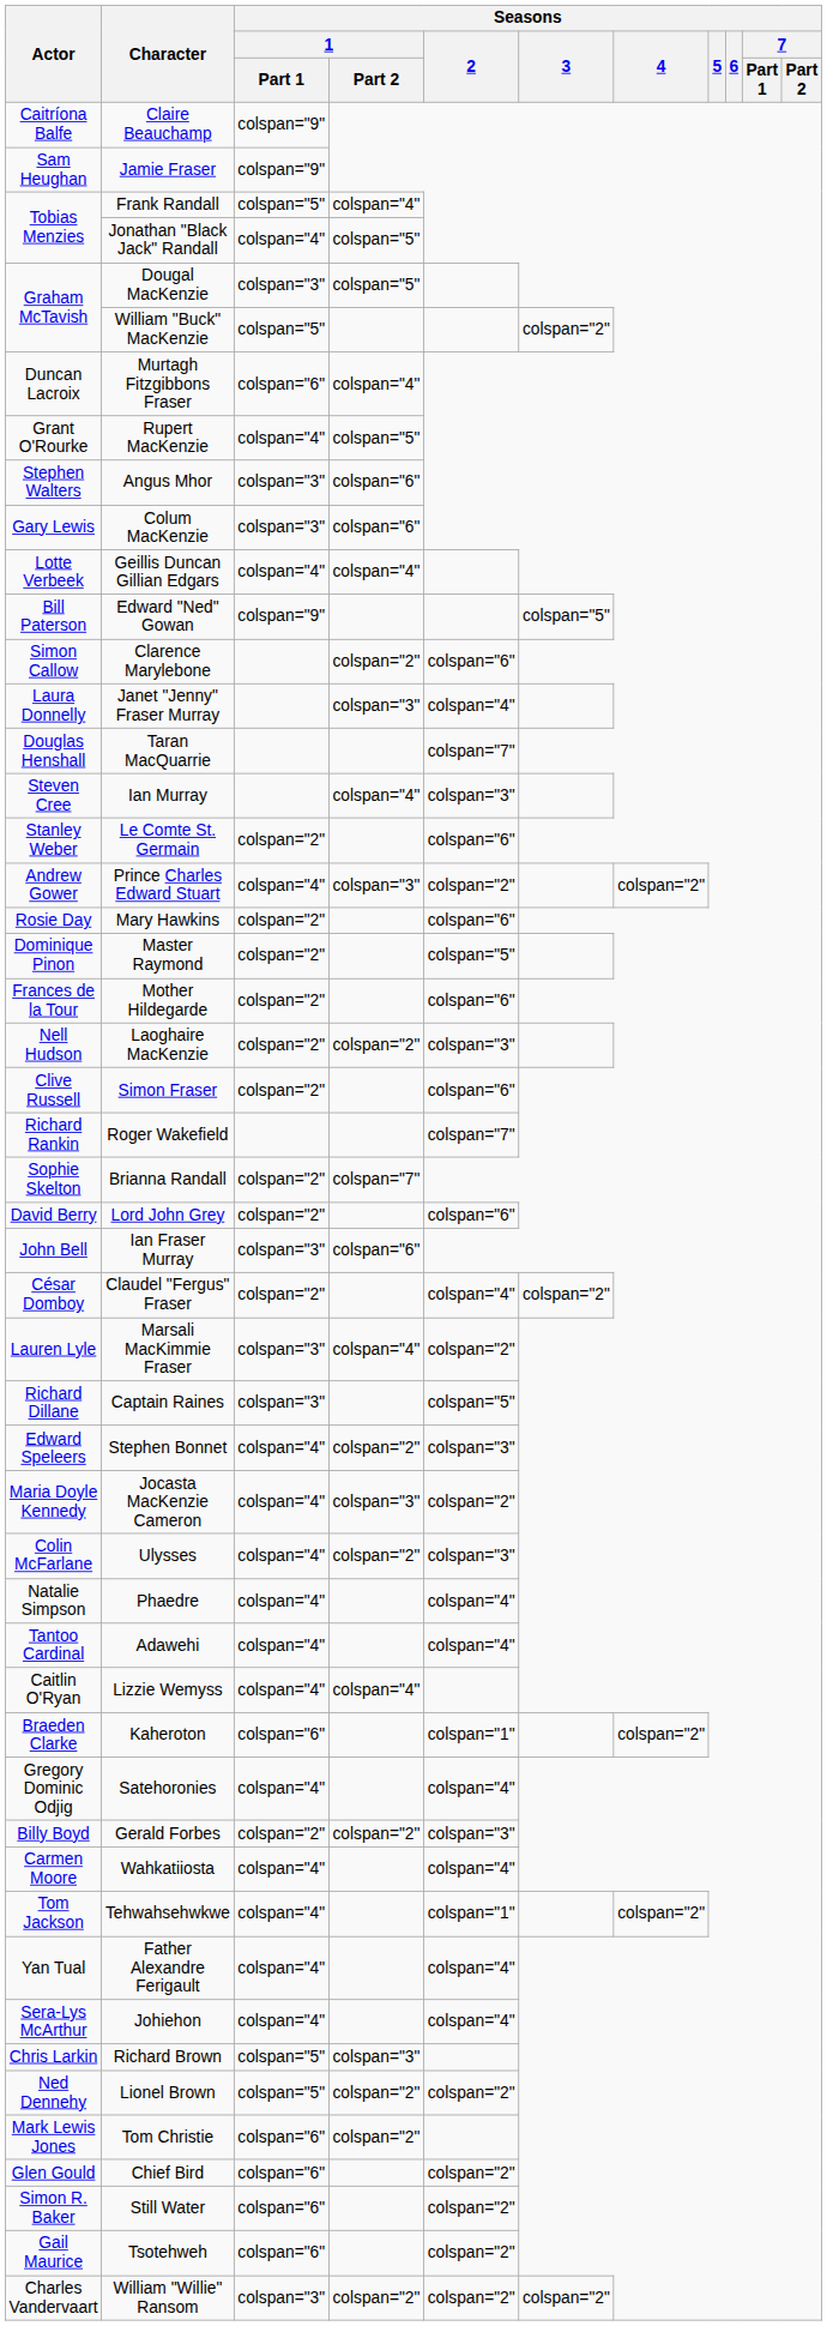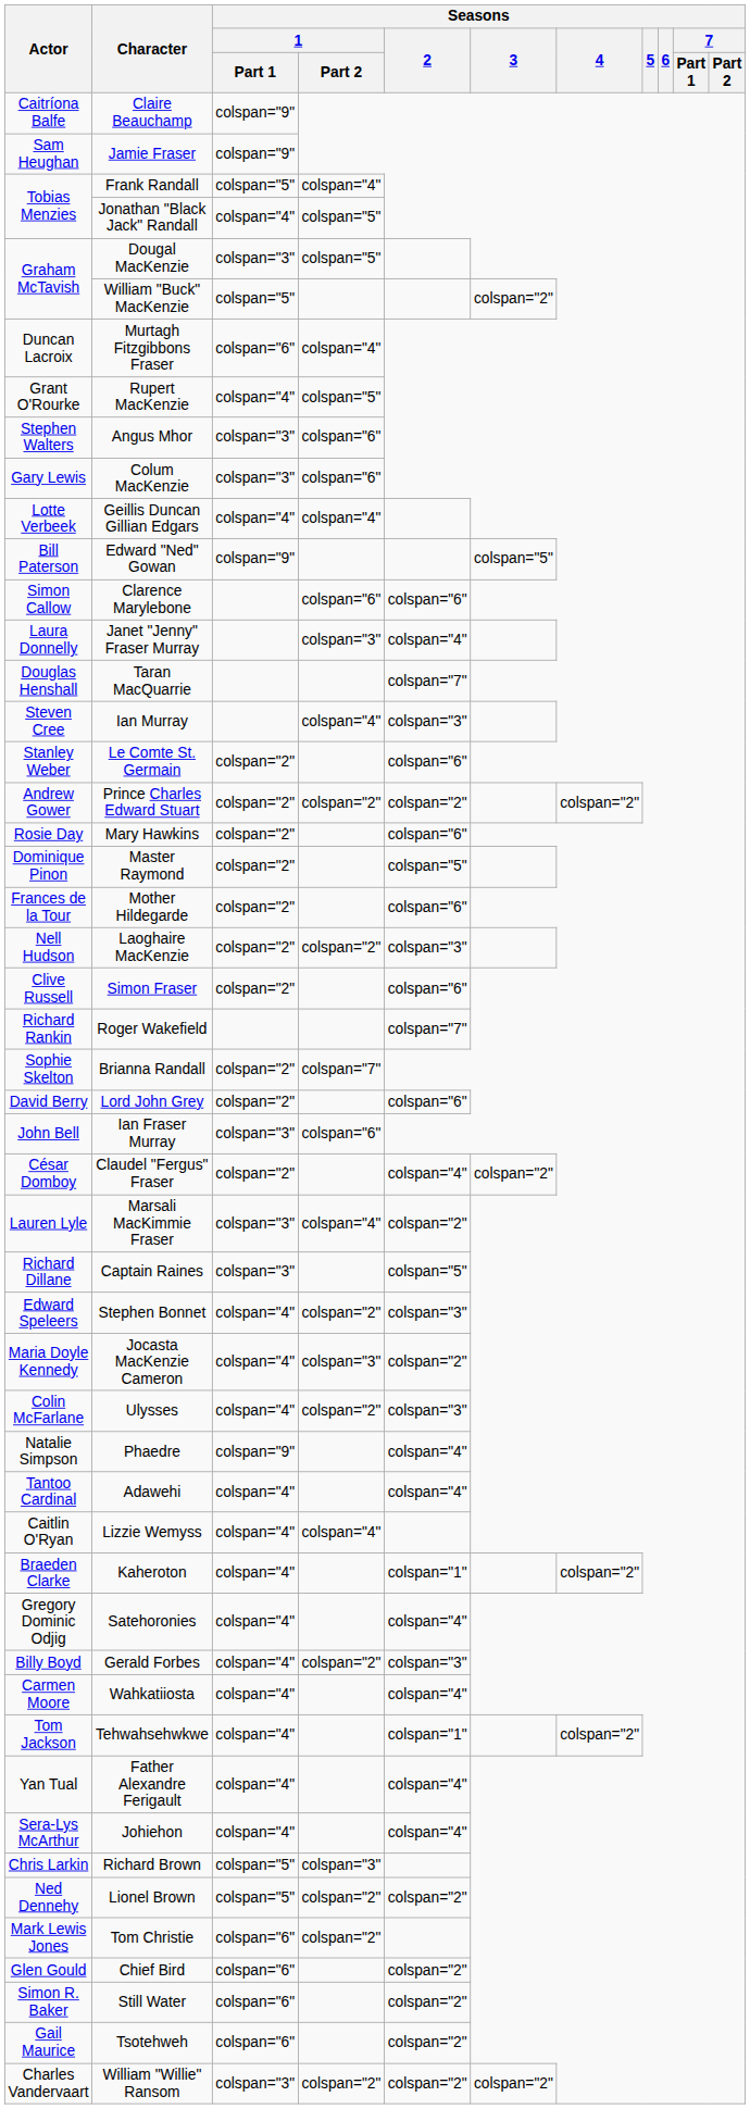 <table class="wikitable" style="text-align:center; width:85%;">
 <tr>
 <th rowspan="3" style="width:17%;">Actor</th>
 <th rowspan="3" style="width:20%;">Character</th>
 <th colspan="9">Seasons</th>
 </tr>
 <tr>
 <th colspan="2" style="width:14%;"><a href='#'>1</a></th>
 <th rowspan="2" style="width:7%;"><a href='#'>2</a></th>
 <th rowspan="2" style="width:7%;"><a href='#'>3</a></th>
 <th rowspan="2" style="width:7%;"><a href='#'>4</a></th>
 <th rowspan="2" style="width:7%;"><a href='#'>5</a></th>
 <th rowspan="2" style="width:7%;"><a href='#'>6</a></th>
 <th colspan="2" style="width:14%;"><a href='#'>7</a></th>
 </tr>
 <tr>
 <th style="width:7%">Part 1</th>
 <th style="width:7%">Part 2</th>
 <th style="width:7%">Part 1</th>
 <th style="width:7%">Part 2</th>
 </tr>
 <tr>
 <td><a href='#'>Caitríona Balfe</a></td>
 <td><a href='#'>Claire Beauchamp</a></td>
 <td>colspan="9" </td>
 </tr>
 <tr>
 <td><a href='#'>Sam Heughan</a></td>
 <td><a href='#'>Jamie Fraser</a></td>
 <td>colspan="9" </td>
 </tr>
 <tr>
 <td rowspan="2"><a href='#'>Tobias Menzies</a></td>
 <td>Frank Randall</td>
 <td>colspan="5" </td>
 <td>colspan="4" </td>
 </tr>
 <tr>
 <td>Jonathan "Black Jack" Randall</td>
 <td>colspan="4" </td>
 <td>colspan="5" </td>
 </tr>
 <tr>
 <td rowspan="2"><a href='#'>Graham McTavish</a></td>
 <td>Dougal MacKenzie</td>
 <td>colspan="3" </td>
 <td>colspan="5" </td>
 <td></td>
 </tr>
 <tr>
 <td>William "Buck" MacKenzie</td>
 <td>colspan="5" </td>
 <td></td>
 <td></td>
 <td>colspan="2" </td>
 </tr>
 <tr>
 <td>Duncan Lacroix</td>
 <td>Murtagh Fitzgibbons Fraser</td>
 <td>colspan="6" </td>
 <td>colspan="4" </td>
 </tr>
 <tr>
 <td>Grant O'Rourke</td>
 <td>Rupert MacKenzie</td>
 <td>colspan="4" </td>
 <td>colspan="5" </td>
 </tr>
 <tr>
 <td><a href='#'>Stephen Walters</a></td>
 <td>Angus Mhor</td>
 <td>colspan="3" </td>
 <td>colspan="6" </td>
 </tr>
 <tr>
 <td><a href='#'>Gary Lewis</a></td>
 <td>Colum MacKenzie</td>
 <td>colspan="3" </td>
 <td>colspan="6" </td>
 </tr>
 <tr>
 <td><a href='#'>Lotte Verbeek</a></td>
 <td>Geillis Duncan  Gillian Edgars</td>
 <td>colspan="4" </td>
 <td>colspan="4" </td>
 <td></td>
 </tr>
 <tr>
 <td><a href='#'>Bill Paterson</a></td>
 <td>Edward "Ned" Gowan</td>
 <td>colspan="9" </td>
 <td></td>
 <td></td>
 <td>colspan="5" </td>
 </tr>
 <tr>
 <td><a href='#'>Simon Callow</a></td>
 <td>Clarence Marylebone</td>
 <td></td>
-<td>colspan="2" </td>
+<td>colspan="6" </td>
 <td>colspan="6" </td>
 </tr>
 <tr>
 <td><a href='#'>Laura Donnelly</a></td>
 <td>Janet "Jenny" Fraser Murray</td>
 <td></td>
 <td>colspan="3" </td>
 <td>colspan="4" </td>
 <td></td>
 </tr>
 <tr>
 <td><a href='#'>Douglas Henshall</a></td>
 <td>Taran MacQuarrie</td>
 <td></td>
 <td></td>
 <td>colspan="7" </td>
 </tr>
 <tr>
 <td><a href='#'>Steven Cree</a></td>
 <td>Ian Murray</td>
 <td></td>
 <td>colspan="4" </td>
 <td>colspan="3" </td>
 <td></td>
 </tr>
 <tr>
 <td><a href='#'>Stanley Weber</a></td>
 <td><a href='#'>Le Comte St. Germain</a></td>
 <td>colspan="2" </td>
 <td></td>
 <td>colspan="6" </td>
 </tr>
 <tr>
 <td><a href='#'>Andrew Gower</a></td>
 <td>Prince <a href='#'>Charles Edward Stuart</a></td>
-<td>colspan="4" </td>
-<td>colspan="3" </td>
+<td>colspan="2" </td>
+<td>colspan="2" </td>
 <td>colspan="2" </td>
 <td></td>
 <td>colspan="2" </td>
 </tr>
 <tr>
 <td><a href='#'>Rosie Day</a></td>
 <td>Mary Hawkins</td>
 <td>colspan="2" </td>
 <td></td>
 <td>colspan="6" </td>
 </tr>
 <tr>
 <td><a href='#'>Dominique Pinon</a></td>
 <td>Master Raymond</td>
 <td>colspan="2" </td>
 <td></td>
 <td>colspan="5" </td>
 <td></td>
 </tr>
 <tr>
 <td><a href='#'>Frances de la Tour</a></td>
 <td>Mother Hildegarde</td>
 <td>colspan="2" </td>
 <td></td>
 <td>colspan="6" </td>
 </tr>
 <tr>
 <td><a href='#'>Nell Hudson</a></td>
 <td>Laoghaire MacKenzie</td>
 <td>colspan="2" </td>
 <td>colspan="2"</td>
 <td>colspan="3" </td>
 <td></td>
 </tr>
 <tr>
 <td><a href='#'>Clive Russell</a></td>
 <td><a href='#'>Simon Fraser</a></td>
 <td>colspan="2" </td>
 <td></td>
 <td>colspan="6" </td>
 </tr>
 <tr>
 <td><a href='#'>Richard Rankin</a></td>
 <td>Roger Wakefield</td>
 <td></td>
 <td></td>
 <td>colspan="7" </td>
 </tr>
 <tr>
 <td><a href='#'>Sophie Skelton</a></td>
 <td>Brianna Randall</td>
 <td>colspan="2" </td>
 <td>colspan="7" </td>
 </tr>
 <tr>
 <td><a href='#'>David Berry</a></td>
 <td><a href='#'>Lord John Grey</a></td>
 <td>colspan="2" </td>
 <td></td>
 <td>colspan="6" </td>
 </tr>
 <tr>
 <td><a href='#'>John Bell</a></td>
 <td>Ian Fraser Murray</td>
 <td>colspan="3" </td>
 <td>colspan="6" </td>
 </tr>
 <tr>
 <td><a href='#'>César Domboy</a></td>
 <td>Claudel "Fergus" Fraser</td>
 <td>colspan="2" </td>
 <td></td>
 <td>colspan="4" </td>
 <td>colspan="2" </td>
 </tr>
 <tr>
 <td><a href='#'>Lauren Lyle</a></td>
 <td>Marsali MacKimmie Fraser</td>
 <td>colspan="3" </td>
 <td>colspan="4" </td>
 <td>colspan="2" </td>
 </tr>
 <tr>
 <td><a href='#'>Richard Dillane</a></td>
 <td>Captain Raines</td>
 <td>colspan="3" </td>
 <td></td>
 <td>colspan="5" </td>
 </tr>
 <tr>
 <td><a href='#'>Edward Speleers</a></td>
 <td>Stephen Bonnet</td>
 <td>colspan="4" </td>
 <td>colspan="2" </td>
 <td>colspan="3" </td>
 </tr>
 <tr>
 <td><a href='#'>Maria Doyle Kennedy</a></td>
 <td>Jocasta MacKenzie Cameron</td>
 <td>colspan="4" </td>
 <td>colspan="3" </td>
 <td>colspan="2" </td>
 </tr>
 <tr>
 <td><a href='#'>Colin McFarlane</a></td>
 <td>Ulysses</td>
 <td>colspan="4" </td>
 <td>colspan="2" </td>
 <td>colspan="3" </td>
 </tr>
 <tr>
 <td>Natalie Simpson</td>
 <td>Phaedre</td>
-<td>colspan="4" </td>
+<td>colspan="9" </td>
 <td></td>
 <td>colspan="4" </td>
 </tr>
 <tr>
 <td><a href='#'>Tantoo Cardinal</a></td>
 <td>Adawehi</td>
 <td>colspan="4" </td>
 <td></td>
 <td>colspan="4" </td>
 </tr>
 <tr>
 <td>Caitlin O'Ryan</td>
 <td>Lizzie Wemyss</td>
 <td>colspan="4" </td>
 <td>colspan="4" </td>
 <td></td>
 </tr>
 <tr>
 <td><a href='#'>Braeden Clarke</a></td>
 <td>Kaheroton</td>
-<td>colspan="6" </td>
+<td>colspan="4" </td>
 <td></td>
 <td>colspan="1" </td>
 <td></td>
 <td>colspan="2" </td>
 </tr>
 <tr>
 <td>Gregory Dominic Odjig</td>
 <td>Satehoronies</td>
 <td>colspan="4" </td>
 <td></td>
 <td>colspan="4" </td>
 </tr>
 <tr>
 <td><a href='#'>Billy Boyd</a></td>
 <td>Gerald Forbes</td>
-<td>colspan="2" </td>
+<td>colspan="4" </td>
 <td>colspan="2" </td>
 <td>colspan="3" </td>
 </tr>
 <tr>
 <td><a href='#'>Carmen Moore</a></td>
 <td>Wahkatiiosta</td>
 <td>colspan="4" </td>
 <td></td>
 <td>colspan="4" </td>
 </tr>
 <tr>
 <td><a href='#'>Tom Jackson</a></td>
 <td>Tehwahsehwkwe</td>
 <td>colspan="4" </td>
 <td></td>
 <td>colspan="1" </td>
 <td></td>
 <td>colspan="2" </td>
 </tr>
 <tr>
 <td>Yan Tual</td>
 <td>Father Alexandre Ferigault</td>
 <td>colspan="4" </td>
 <td></td>
 <td>colspan="4" </td>
 </tr>
 <tr>
 <td><a href='#'>Sera-Lys McArthur</a></td>
 <td>Johiehon</td>
 <td>colspan="4" </td>
 <td></td>
 <td>colspan="4" </td>
 </tr>
 <tr>
 <td><a href='#'>Chris Larkin</a></td>
 <td>Richard Brown</td>
 <td>colspan="5" </td>
 <td>colspan="3" </td>
 <td></td>
 </tr>
 <tr>
 <td><a href='#'>Ned Dennehy</a></td>
 <td>Lionel Brown</td>
 <td>colspan="5" </td>
 <td>colspan="2" </td>
 <td>colspan="2" </td>
 </tr>
 <tr>
 <td><a href='#'>Mark Lewis Jones</a></td>
 <td>Tom Christie</td>
 <td>colspan="6" </td>
 <td>colspan="2" </td>
 <td></td>
 </tr>
 <tr>
 <td><a href='#'>Glen Gould</a></td>
 <td>Chief Bird</td>
 <td>colspan="6" </td>
 <td></td>
 <td>colspan="2" </td>
 </tr>
 <tr>
 <td><a href='#'>Simon R. Baker</a></td>
 <td>Still Water</td>
 <td>colspan="6" </td>
 <td></td>
 <td>colspan="2" </td>
 </tr>
 <tr>
 <td><a href='#'>Gail Maurice</a></td>
 <td>Tsotehweh</td>
 <td>colspan="6" </td>
 <td></td>
 <td>colspan="2" </td>
 </tr>
 <tr>
 <td>Charles Vandervaart</td>
 <td>William "Willie" Ransom</td>
 <td>colspan="3" </td>
 <td>colspan="2"</td>
 <td>colspan="2" </td>
 <td>colspan="2" </td>
 </tr>
 </table>
